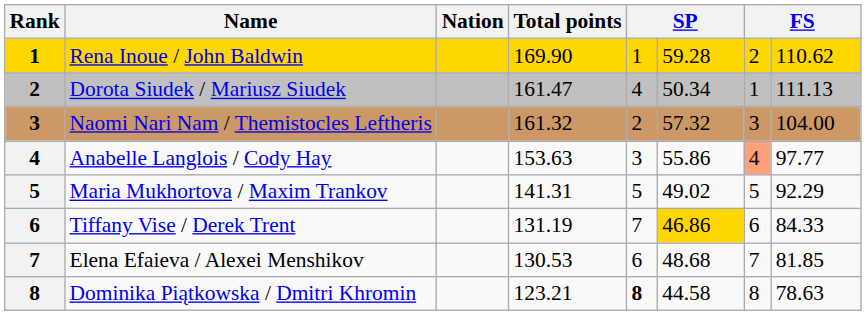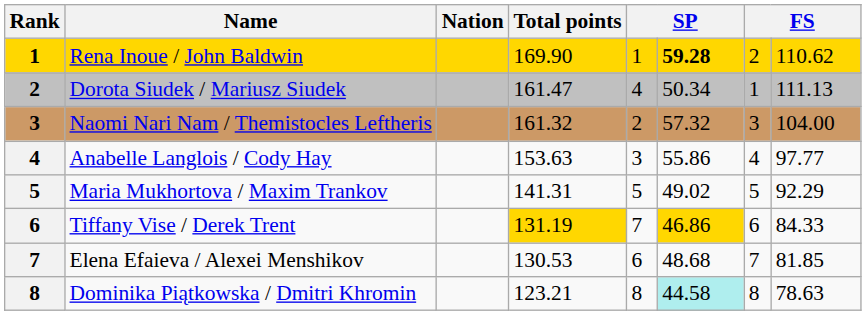 <table class="wikitable">
 <tr>
 <th>Rank</th>
 <th>Name</th>
 <th>Nation</th>
 <th>Total points</th>
 <th colspan="2" width="80px"><a href='#'>SP</a></th>
 <th colspan="2" width="80px"><a href='#'>FS</a></th>
 </tr>
 <tr bgcolor="gold">
 <td align="center"><strong>1</strong></td>
 <td><a href='#'>Rena Inoue</a> / <a href='#'>John Baldwin</a></td>
 <td></td>
 <td>169.90</td>
 <td>1</td>
-<td>59.28</td>
+<td><strong>59.28</strong></td>
 <td>2</td>
 <td>110.62</td>
 </tr>
 <tr bgcolor="silver">
 <td align="center"><strong>2</strong></td>
 <td><a href='#'>Dorota Siudek</a> / <a href='#'>Mariusz Siudek</a></td>
 <td></td>
 <td>161.47</td>
 <td>4</td>
 <td>50.34</td>
 <td>1</td>
 <td>111.13</td>
 </tr>
 <tr bgcolor="cc9966">
 <td align="center"><strong>3</strong></td>
 <td><a href='#'>Naomi Nari Nam</a> / <a href='#'>Themistocles Leftheris</a></td>
 <td></td>
 <td>161.32</td>
 <td>2</td>
 <td>57.32</td>
 <td>3</td>
 <td>104.00</td>
 </tr>
 <tr>
 <th>4</th>
 <td><a href='#'>Anabelle Langlois</a> / <a href='#'>Cody Hay</a></td>
 <td></td>
 <td>153.63</td>
 <td>3</td>
 <td>55.86</td>
-<td style="background: lightsalmon;">4</td>
+<td>4</td>
 <td>97.77</td>
 </tr>
 <tr>
 <th>5</th>
 <td><a href='#'>Maria Mukhortova</a> / <a href='#'>Maxim Trankov</a></td>
 <td></td>
 <td>141.31</td>
 <td>5</td>
 <td>49.02</td>
 <td>5</td>
 <td>92.29</td>
 </tr>
 <tr>
 <th>6</th>
 <td><a href='#'>Tiffany Vise</a> / <a href='#'>Derek Trent</a></td>
 <td></td>
-<td>131.19</td>
+<td style="background: gold;">131.19</td>
 <td>7</td>
 <td style="background: gold;">46.86</td>
 <td>6</td>
 <td>84.33</td>
 </tr>
 <tr>
 <th>7</th>
 <td>Elena Efaieva / Alexei Menshikov</td>
 <td></td>
 <td>130.53</td>
 <td>6</td>
 <td>48.68</td>
 <td>7</td>
 <td>81.85</td>
 </tr>
 <tr>
 <th>8</th>
 <td><a href='#'>Dominika Piątkowska</a> / <a href='#'>Dmitri Khromin</a></td>
 <td></td>
 <td>123.21</td>
-<td><strong>8</strong></td>
-<td>44.58</td>
+<td>8</td>
+<td style="background: paleturquoise;">44.58</td>
 <td>8</td>
 <td>78.63</td>
 </tr>
 </table>
